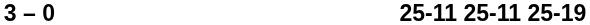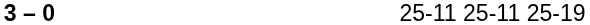 <table width=100% cellspacing=1>
 <tr>
 <th width=20%></th>
 <th width=12%></th>
 <th width=20%></th>
 <th width=33%></th>
 <td></td>
 </tr>
 <tr style=font-size:90%>
 <td align=right><strong></strong></td>
 <td align=center><strong>3 – 0</strong></td>
 <td></td>
-<td><strong>25-11 25-11 25-19</strong></td>
+<td>25-11 25-11 25-19</td>
 </tr>
 </table>
